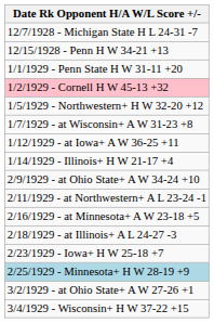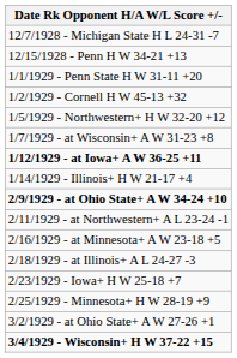 <table class="wikitable">
 <tr>
 <th>Date Rk Opponent H/A W/L Score +/-</th>
 </tr>
 <tr>
 <td>12/7/1928 - Michigan State H L 24-31 -7</td>
 </tr>
 <tr>
 <td>12/15/1928 - Penn H W 34-21 +13</td>
 </tr>
 <tr>
 <td>1/1/1929 - Penn State H W 31-11 +20</td>
 </tr>
 <tr>
-<td style="background: pink;">1/2/1929 - Cornell H W 45-13 +32</td>
+<td>1/2/1929 - Cornell H W 45-13 +32</td>
 </tr>
 <tr>
 <td>1/5/1929 - Northwestern+ H W 32-20 +12</td>
 </tr>
 <tr>
 <td>1/7/1929 - at Wisconsin+ A W 31-23 +8</td>
 </tr>
 <tr>
-<td>1/12/1929 - at Iowa+ A W 36-25 +11</td>
+<td><strong>1/12/1929 - at Iowa+ A W 36-25 +11</strong></td>
 </tr>
 <tr>
 <td>1/14/1929 - Illinois+ H W 21-17 +4</td>
 </tr>
 <tr>
-<td>2/9/1929 - at Ohio State+ A W 34-24 +10</td>
+<td><strong>2/9/1929 - at Ohio State+ A W 34-24 +10</strong></td>
 </tr>
 <tr>
 <td>2/11/1929 - at Northwestern+ A L 23-24 -1</td>
 </tr>
 <tr>
 <td>2/16/1929 - at Minnesota+ A W 23-18 +5</td>
 </tr>
 <tr>
 <td>2/18/1929 - at Illinois+ A L 24-27 -3</td>
 </tr>
 <tr>
 <td>2/23/1929 - Iowa+ H W 25-18 +7</td>
 </tr>
 <tr>
-<td style="background: lightblue;">2/25/1929 - Minnesota+ H W 28-19 +9</td>
+<td>2/25/1929 - Minnesota+ H W 28-19 +9</td>
 </tr>
 <tr>
 <td>3/2/1929 - at Ohio State+ A W 27-26 +1</td>
 </tr>
 <tr>
-<td>3/4/1929 - Wisconsin+ H W 37-22 +15</td>
+<td><strong>3/4/1929 - Wisconsin+ H W 37-22 +15</strong></td>
 </tr>
 </table>
